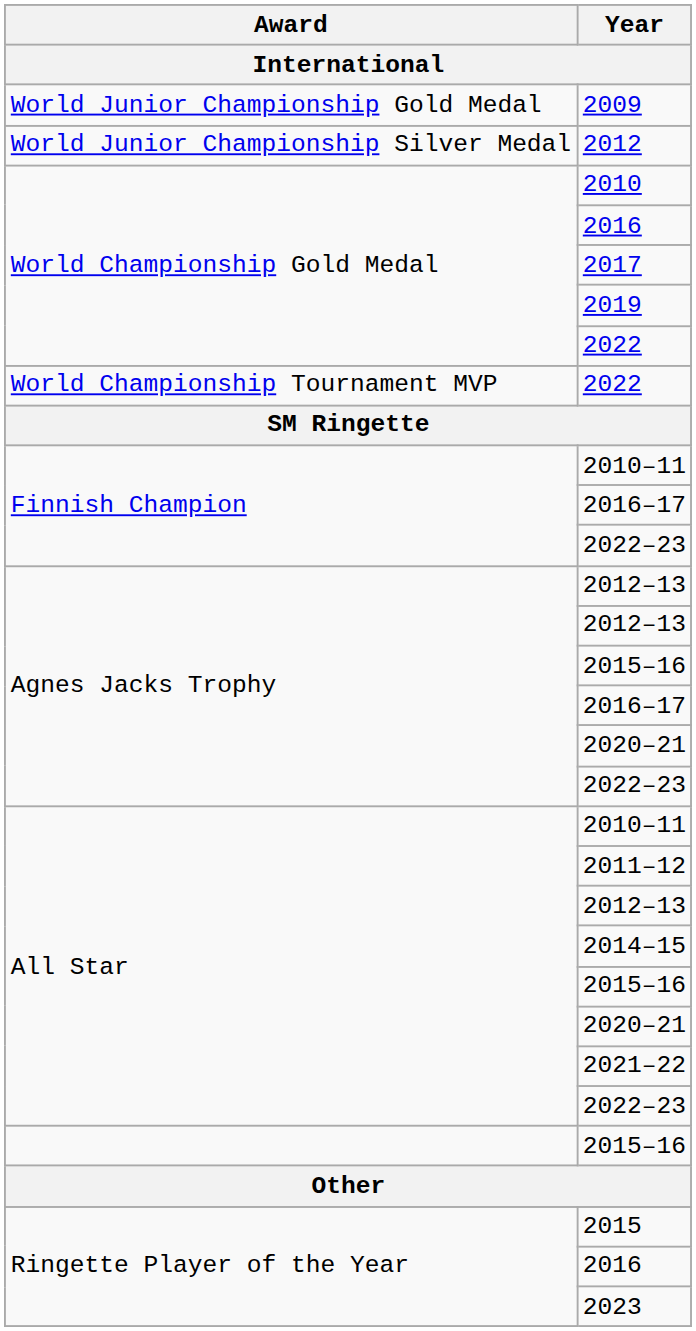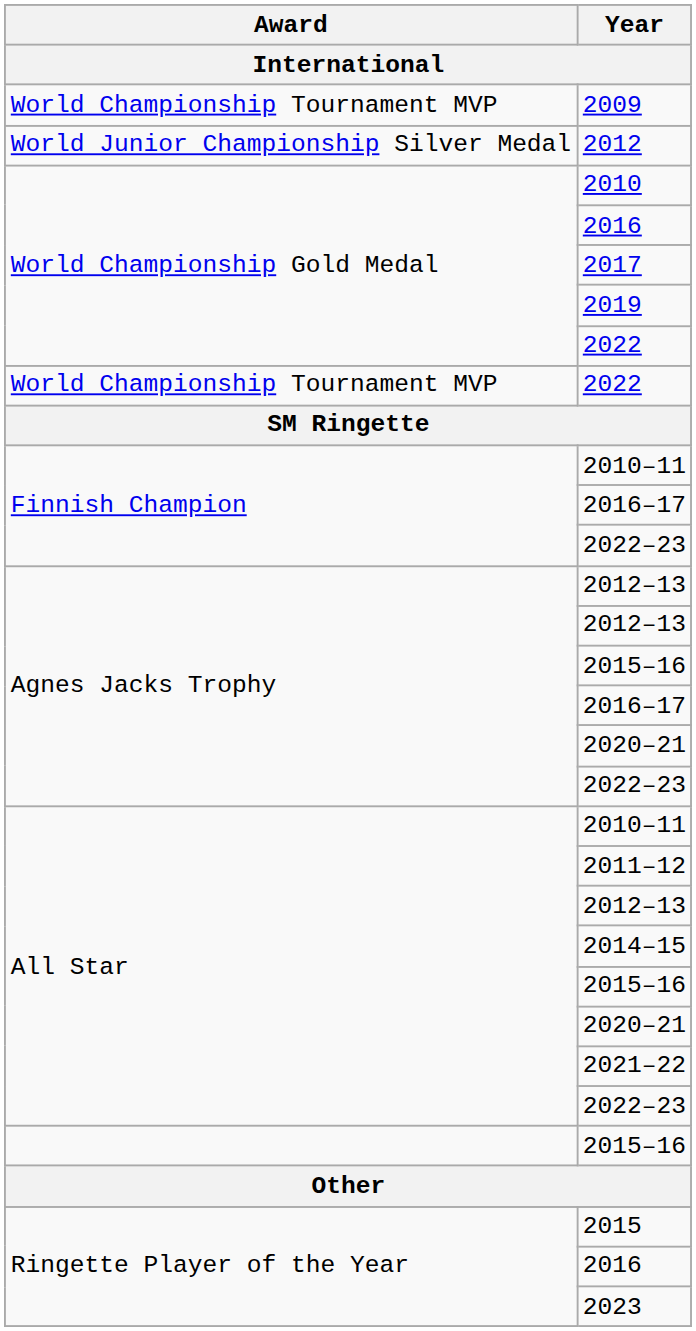 <table class="wikitable">
 <tr>
 <th scope="col">Award</th>
 <th scope="col">Year</th>
 </tr>
 <tr>
 <th colspan="2">International</th>
 </tr>
 <tr>
-<td><a href='#'>World Junior Championship</a> Gold Medal</td>
+<td><a href='#'>World Championship</a> Tournament MVP</td>
 <td><a href='#'>2009</a></td>
 </tr>
 <tr>
 <td><a href='#'>World Junior Championship</a> Silver Medal</td>
 <td><a href='#'>2012</a></td>
 </tr>
 <tr>
 <td rowspan="5"><a href='#'>World Championship</a> Gold Medal</td>
 <td><a href='#'>2010</a></td>
 </tr>
 <tr>
 <td><a href='#'>2016</a></td>
 </tr>
 <tr>
 <td><a href='#'>2017</a></td>
 </tr>
 <tr>
 <td><a href='#'>2019</a></td>
 </tr>
 <tr>
 <td><a href='#'>2022</a></td>
 </tr>
 <tr>
 <td><a href='#'>World Championship</a> Tournament MVP</td>
 <td><a href='#'>2022</a></td>
 </tr>
 <tr>
 <th colspan="2">SM Ringette</th>
 </tr>
 <tr>
 <td rowspan="3"><a href='#'>Finnish Champion</a></td>
 <td>2010–11</td>
 </tr>
 <tr>
 <td>2016–17</td>
 </tr>
 <tr>
 <td>2022–23</td>
 </tr>
 <tr>
 <td rowspan="6">Agnes Jacks Trophy</td>
 <td>2012–13</td>
 </tr>
 <tr>
 <td>2012–13</td>
 </tr>
 <tr>
 <td>2015–16</td>
 </tr>
 <tr>
 <td>2016–17</td>
 </tr>
 <tr>
 <td>2020–21</td>
 </tr>
 <tr>
 <td>2022–23</td>
 </tr>
 <tr>
 <td rowspan="8">All Star</td>
 <td>2010–11</td>
 </tr>
 <tr>
 <td>2011–12</td>
 </tr>
 <tr>
 <td>2012–13</td>
 </tr>
 <tr>
 <td>2014–15</td>
 </tr>
 <tr>
 <td>2015–16</td>
 </tr>
 <tr>
 <td>2020–21</td>
 </tr>
 <tr>
 <td>2021–22</td>
 </tr>
 <tr>
 <td>2022–23</td>
 </tr>
 <tr>
 <td></td>
 <td>2015–16</td>
 </tr>
 <tr>
 <th colspan="2">Other</th>
 </tr>
 <tr>
 <td rowspan="3">Ringette Player of the Year</td>
 <td>2015</td>
 </tr>
 <tr>
 <td>2016</td>
 </tr>
 <tr>
 <td>2023</td>
 </tr>
 </table>
